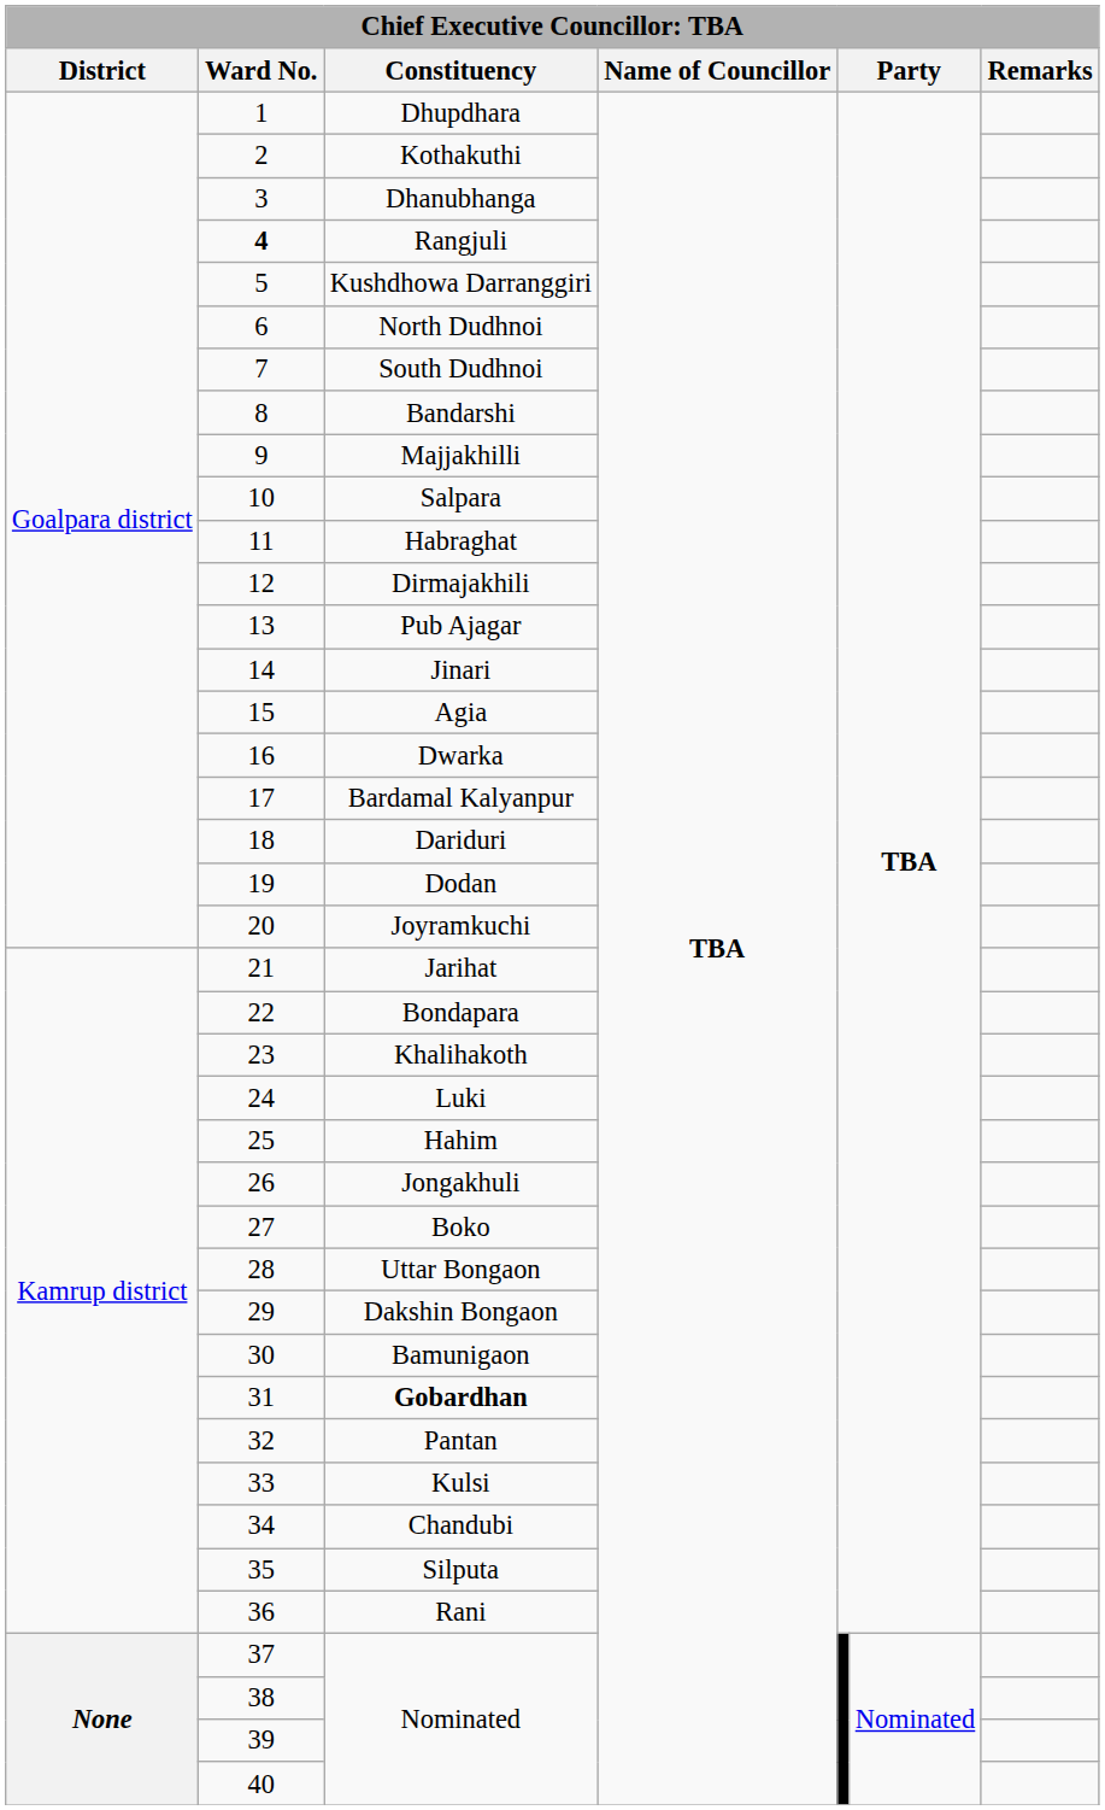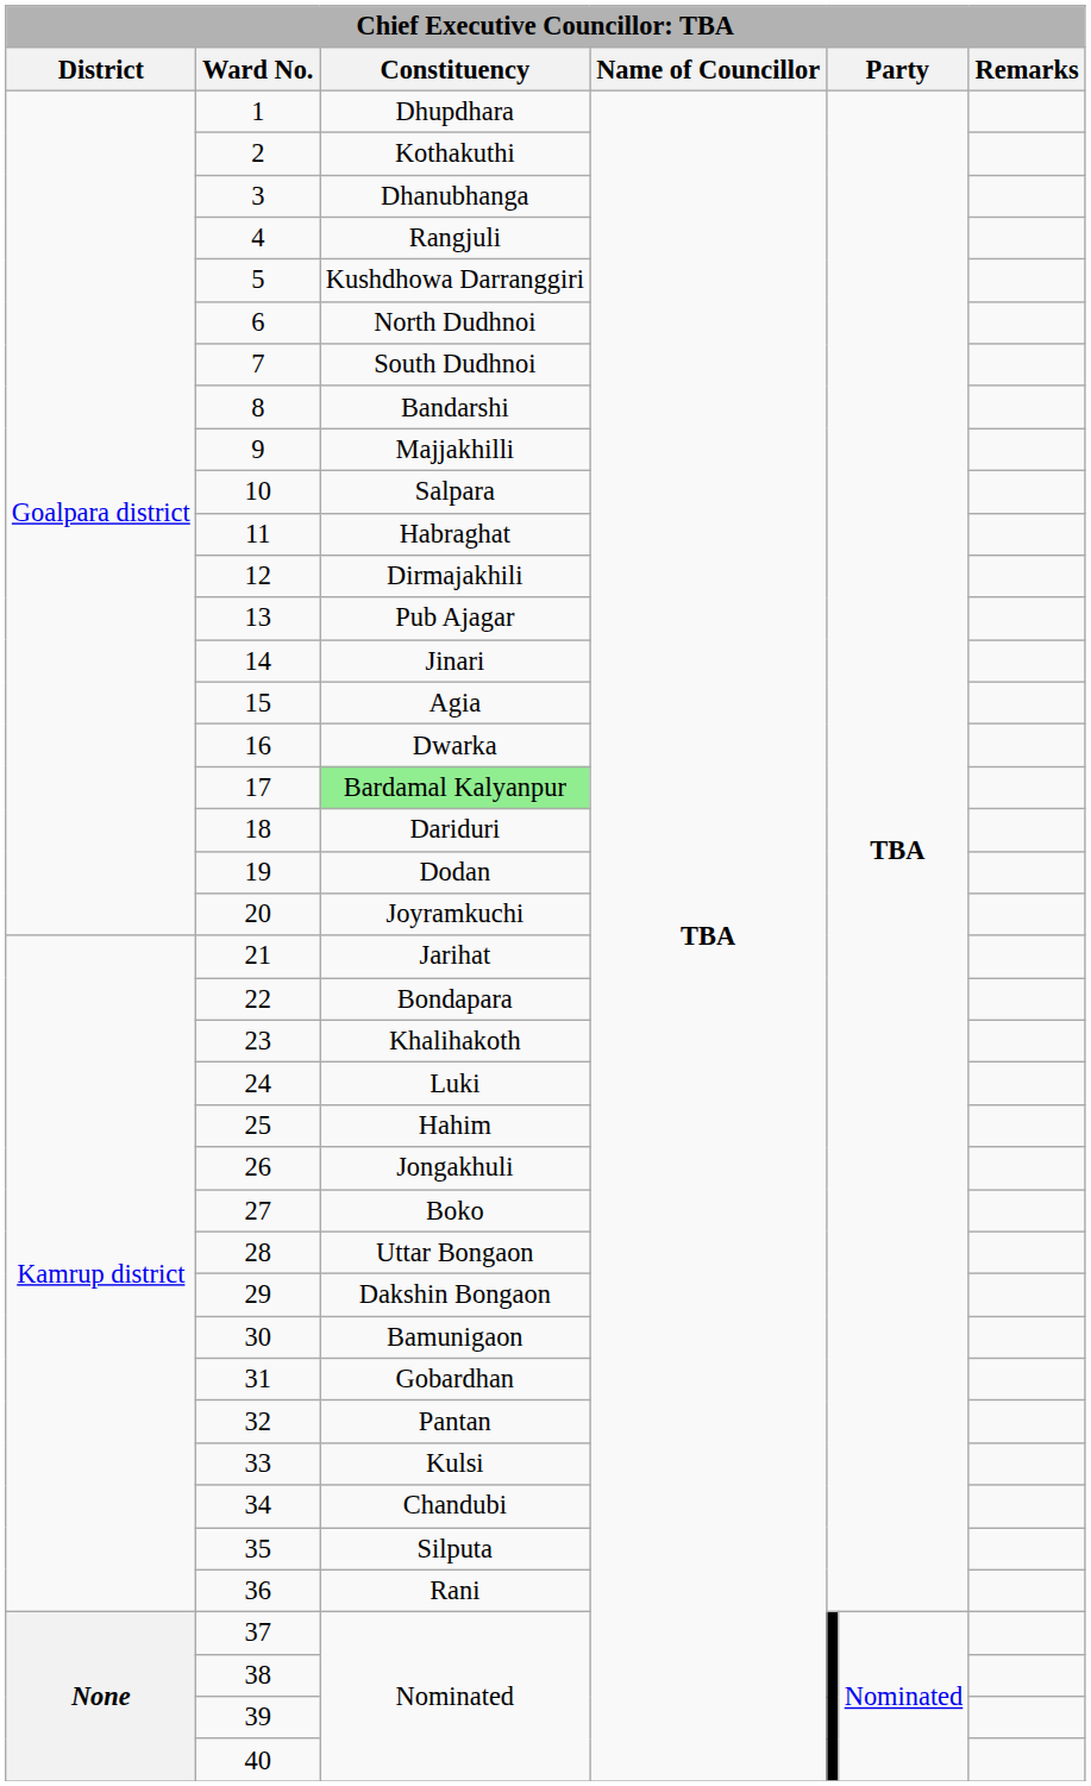 <table class="wikitable sortable" style="text-align:center;">
 <tr>
 <th style="background-color:#B2B2B2; color:black" colspan=7><strong>Chief Executive Councillor: TBA</strong></th>
 </tr>
 <tr>
 <th>District</th>
 <th>Ward No.</th>
 <th>Constituency</th>
 <th>Name of Councillor</th>
 <th colspan="2">Party</th>
 <th>Remarks</th>
 </tr>
 <tr>
 <td rowspan=20><a href='#'>Goalpara district</a></td>
 <td>1</td>
 <td>Dhupdhara</td>
 <td rowspan=40><strong>TBA</strong></td>
 <td colspan=2 rowspan=36><strong>TBA</strong></td>
 <td></td>
 </tr>
 <tr>
 <td>2</td>
 <td>Kothakuthi</td>
 <td></td>
 </tr>
 <tr>
 <td>3</td>
 <td>Dhanubhanga</td>
 <td></td>
 </tr>
 <tr>
-<td><strong>4</strong></td>
+<td>4</td>
 <td>Rangjuli</td>
 <td></td>
 </tr>
 <tr>
 <td>5</td>
 <td>Kushdhowa Darranggiri</td>
 <td></td>
 </tr>
 <tr>
 <td>6</td>
 <td>North Dudhnoi</td>
 <td></td>
 </tr>
 <tr>
 <td>7</td>
 <td>South Dudhnoi</td>
 <td></td>
 </tr>
 <tr>
 <td>8</td>
 <td>Bandarshi</td>
 <td></td>
 </tr>
 <tr>
 <td>9</td>
 <td>Majjakhilli</td>
 <td></td>
 </tr>
 <tr>
 <td>10</td>
 <td>Salpara</td>
 <td></td>
 </tr>
 <tr>
 <td>11</td>
 <td>Habraghat</td>
 <td></td>
 </tr>
 <tr>
 <td>12</td>
 <td>Dirmajakhili</td>
 <td></td>
 </tr>
 <tr>
 <td>13</td>
 <td>Pub Ajagar</td>
 <td></td>
 </tr>
 <tr>
 <td>14</td>
 <td>Jinari</td>
 <td></td>
 </tr>
 <tr>
 <td>15</td>
 <td>Agia</td>
 <td></td>
 </tr>
 <tr>
 <td>16</td>
 <td>Dwarka</td>
 <td></td>
 </tr>
 <tr>
 <td>17</td>
-<td>Bardamal Kalyanpur</td>
+<td style="background: lightgreen;">Bardamal Kalyanpur</td>
 <td></td>
 </tr>
 <tr>
 <td>18</td>
 <td>Dariduri</td>
 <td></td>
 </tr>
 <tr>
 <td>19</td>
 <td>Dodan</td>
 <td></td>
 </tr>
 <tr>
 <td>20</td>
 <td>Joyramkuchi</td>
 <td></td>
 </tr>
 <tr>
 <td rowspan=16><a href='#'>Kamrup district</a></td>
 <td>21</td>
 <td>Jarihat</td>
 <td></td>
 </tr>
 <tr>
 <td>22</td>
 <td>Bondapara</td>
 <td></td>
 </tr>
 <tr>
 <td>23</td>
 <td>Khalihakoth</td>
 <td></td>
 </tr>
 <tr>
 <td>24</td>
 <td>Luki</td>
 <td></td>
 </tr>
 <tr>
 <td>25</td>
 <td>Hahim</td>
 <td></td>
 </tr>
 <tr>
 <td>26</td>
 <td>Jongakhuli</td>
 <td></td>
 </tr>
 <tr>
 <td>27</td>
 <td>Boko</td>
 <td></td>
 </tr>
 <tr>
 <td>28</td>
 <td>Uttar Bongaon</td>
 <td></td>
 </tr>
 <tr>
 <td>29</td>
 <td>Dakshin Bongaon</td>
 <td></td>
 </tr>
 <tr>
 <td>30</td>
 <td>Bamunigaon</td>
 <td></td>
 </tr>
 <tr>
 <td>31</td>
-<td><strong>Gobardhan</strong></td>
+<td>Gobardhan</td>
 <td></td>
 </tr>
 <tr>
 <td>32</td>
 <td>Pantan</td>
 <td></td>
 </tr>
 <tr>
 <td>33</td>
 <td>Kulsi</td>
 <td></td>
 </tr>
 <tr>
 <td>34</td>
 <td>Chandubi</td>
 <td></td>
 </tr>
 <tr>
 <td>35</td>
 <td>Silputa</td>
 <td></td>
 </tr>
 <tr>
 <td>36</td>
 <td>Rani</td>
 <td></td>
 </tr>
 <tr>
 <th rowspan=4><em>None</em></th>
 <td>37</td>
 <td rowspan=4>Nominated</td>
 <td rowspan=4 style="background-color:#000000"></td>
 <td rowspan=4><a href='#'>Nominated</a></td>
 <td></td>
 </tr>
 <tr>
 <td>38</td>
 <td></td>
 </tr>
 <tr>
 <td>39</td>
 <td></td>
 </tr>
 <tr>
 <td>40</td>
 <td></td>
 </tr>
 </table>
